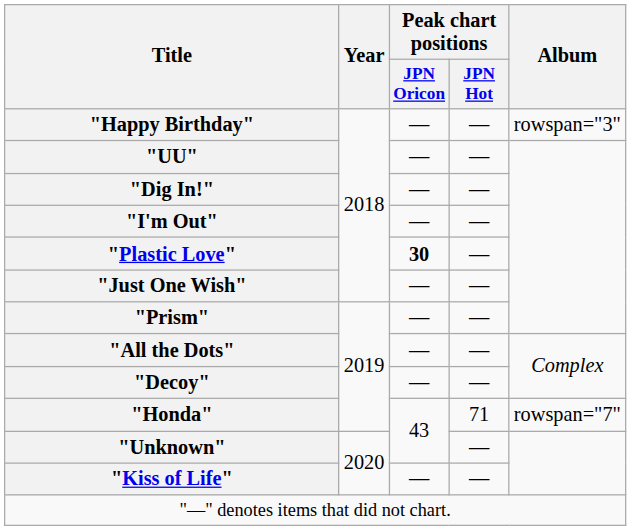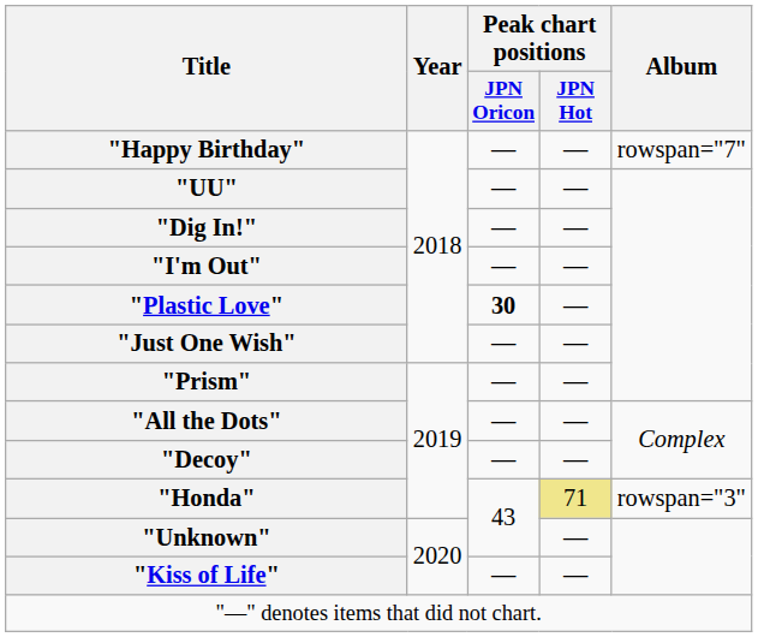 <table class="wikitable plainrowheaders" style="text-align:center;">
 <tr>
 <th scope="col" rowspan="2" style="width:16em;">Title</th>
 <th scope="col" rowspan="2">Year</th>
 <th scope="col" colspan="2">Peak chart positions</th>
 <th scope="col" rowspan="2">Album</th>
 </tr>
 <tr>
 <th style="width:3em;font-size:85%"><a href='#'>JPN<br>Oricon</a><br></th>
 <th style="width:3em;font-size:85%"><a href='#'>JPN<br>Hot</a><br></th>
 </tr>
 <tr>
 <th scope="row">"Happy Birthday"</th>
 <td rowspan="6">2018</td>
 <td>—</td>
 <td>—</td>
-<td>rowspan="3" </td>
+<td>rowspan="7" </td>
 </tr>
 <tr>
 <th scope="row">"UU"</th>
 <td>—</td>
 <td>—</td>
 </tr>
 <tr>
 <th scope="row">"Dig In!"</th>
 <td>—</td>
 <td>—</td>
 </tr>
 <tr>
 <th scope="row">"I'm Out"</th>
 <td>—</td>
 <td>—</td>
 </tr>
 <tr>
 <th scope="row">"<a href='#'>Plastic Love</a>"</th>
 <td><strong>30</strong></td>
 <td>—</td>
 </tr>
 <tr>
 <th scope="row">"Just One Wish"</th>
 <td>—</td>
 <td>—</td>
 </tr>
 <tr>
 <th scope="row">"Prism"<br></th>
 <td rowspan="4">2019</td>
 <td>—</td>
 <td>—</td>
 </tr>
 <tr>
 <th scope="row">"All the Dots"</th>
 <td>—</td>
 <td>—</td>
 <td rowspan="2"><em>Complex</em></td>
 </tr>
 <tr>
 <th scope="row">"Decoy"</th>
 <td>—</td>
 <td>—</td>
 </tr>
 <tr>
 <th scope="row">"Honda"</th>
 <td rowspan="2">43</td>
-<td>71</td>
-<td>rowspan="7" </td>
+<td style="background: khaki;">71</td>
+<td>rowspan="3" </td>
 </tr>
 <tr>
 <th scope="row">"Unknown"</th>
 <td rowspan="2">2020</td>
 <td>—</td>
 </tr>
 <tr>
 <th scope="row">"<a href='#'>Kiss of Life</a>"</th>
 <td>—</td>
 <td>—</td>
 </tr>
 <tr>
 <td colspan="12" align="center" style="font-size:90%;">"—" denotes items that did not chart.</td>
 </tr>
 </table>
